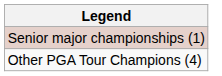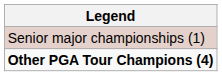 <table class="wikitable" style="font-size:95%;">
 <tr>
 <th>Legend</th>
 </tr>
 <tr style="background:#e5d1cb;">
 <td>Senior major championships (1)</td>
 </tr>
 <tr>
-<td>Other PGA Tour Champions (4)</td>
+<td><strong>Other PGA Tour Champions (4)</strong></td>
 </tr>
 </table>
